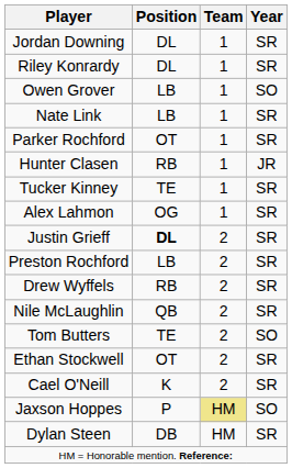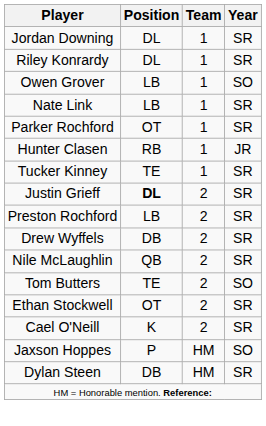 <table class="wikitable sortable sortable" style="text-align: center">
 <tr align=center>
 <th>Player</th>
 <th>Position</th>
 <th>Team</th>
 <th>Year</th>
 </tr>
 <tr>
 <td>Jordan Downing</td>
 <td>DL</td>
 <td>1</td>
 <td>SR</td>
 </tr>
 <tr>
 <td>Riley Konrardy</td>
 <td>DL</td>
 <td>1</td>
 <td>SR</td>
 </tr>
 <tr>
 <td>Owen Grover</td>
 <td>LB</td>
 <td>1</td>
 <td>SO</td>
 </tr>
 <tr>
 <td>Nate Link</td>
 <td>LB</td>
 <td>1</td>
 <td>SR</td>
 </tr>
 <tr>
 <td>Parker Rochford</td>
 <td>OT</td>
 <td>1</td>
 <td>SR</td>
 </tr>
 <tr>
 <td>Hunter Clasen</td>
 <td>RB</td>
 <td>1</td>
 <td>JR</td>
 </tr>
 <tr>
 <td>Tucker Kinney</td>
 <td>TE</td>
 <td>1</td>
 <td>SR</td>
 </tr>
 <tr>
-<td>Alex Lahmon</td>
-<td>OG</td>
-<td>1</td>
-<td>SR</td>
-</tr>
-<tr>
 <td>Justin Grieff</td>
 <td><strong>DL</strong></td>
 <td>2</td>
 <td>SR</td>
 </tr>
 <tr>
 <td>Preston Rochford</td>
 <td>LB</td>
 <td>2</td>
 <td>SR</td>
 </tr>
 <tr>
 <td>Drew Wyffels</td>
-<td>RB</td>
+<td>DB</td>
 <td>2</td>
 <td>SR</td>
 </tr>
 <tr>
 <td>Nile McLaughlin</td>
 <td>QB</td>
 <td>2</td>
 <td>SR</td>
 </tr>
 <tr>
 <td>Tom Butters</td>
 <td>TE</td>
 <td>2</td>
 <td>SO</td>
 </tr>
 <tr>
 <td>Ethan Stockwell</td>
 <td>OT</td>
 <td>2</td>
 <td>SR</td>
 </tr>
 <tr>
 <td>Cael O'Neill</td>
 <td>K</td>
 <td>2</td>
 <td>SR</td>
 </tr>
 <tr>
 <td>Jaxson Hoppes</td>
 <td>P</td>
-<td style="background: khaki;">HM</td>
+<td>HM</td>
 <td>SO</td>
 </tr>
 <tr>
 <td>Dylan Steen</td>
 <td>DB</td>
 <td>HM</td>
 <td>SR</td>
 </tr>
 <tr class="sortbottom">
 <td colspan="4"  style="font-size:8pt; text-align:center;">HM = Honorable mention. <strong>Reference:</strong></td>
 </tr>
 </table>
